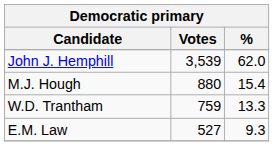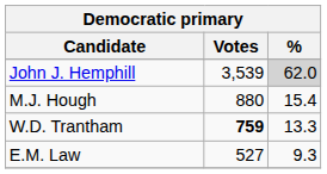 <table class="wikitable" align="left" style="margin: 1em 1em 1em 0; font-size: 95%;">
 <tr>
 <th colspan="3">Democratic primary</th>
 </tr>
 <tr>
 <th colspan="1" style="width: 170px">Candidate</th>
 <th style="width: 50px">Votes</th>
 <th style="width: 40px">%</th>
 </tr>
 <tr>
 </tr>
 <tr>
 <td><a href='#'>John J. Hemphill</a></td>
 <td align="right">3,539</td>
-<td align="right">62.0</td>
+<td align="right" style="background: lightgrey;">62.0</td>
 </tr>
 <tr>
 <td>M.J. Hough</td>
 <td align="right">880</td>
 <td align="right">15.4</td>
 </tr>
 <tr>
 <td>W.D. Trantham</td>
-<td align="right">759</td>
+<td align="right"><strong>759</strong></td>
 <td align="right">13.3</td>
 </tr>
 <tr>
 <td>E.M. Law</td>
 <td align="right">527</td>
 <td align="right">9.3</td>
 </tr>
 <tr>
 </tr>
 </table>
